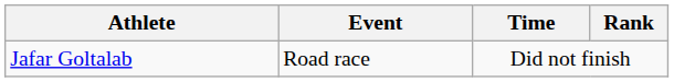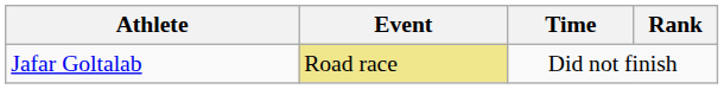 <table class="wikitable" width="50%" style="text-align:center; font-size:90%">
 <tr>
 <th width="35%">Athlete</th>
 <th width="25%">Event</th>
 <th width="15%">Time</th>
 <th width="10%">Rank</th>
 </tr>
 <tr>
 <td align="left"><a href='#'>Jafar Goltalab</a></td>
-<td align="left">Road race</td>
+<td align="left" style="background: khaki;">Road race</td>
 <td colspan=2 align=center>Did not finish</td>
 </tr>
 </table>
